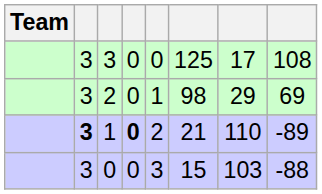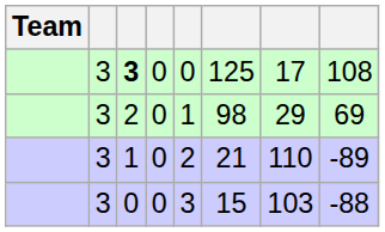 <table class="wikitable" style="text-align: center;">
 <tr>
 <th>Team</th>
 <th></th>
 <th></th>
 <th></th>
 <th></th>
 <th></th>
 <th></th>
 <th></th>
 </tr>
 <tr bgcolor="ccffcc">
 <td align="left"></td>
 <td>3</td>
-<td>3</td>
+<td><strong>3</strong></td>
 <td>0</td>
 <td>0</td>
 <td>125</td>
 <td>17</td>
 <td>108</td>
 </tr>
 <tr bgcolor="ccffcc">
 <td align="left"></td>
 <td>3</td>
 <td>2</td>
 <td>0</td>
 <td>1</td>
 <td>98</td>
 <td>29</td>
 <td>69</td>
 </tr>
 <tr bgcolor="ccccff">
 <td align="left"></td>
-<td><strong>3</strong></td>
+<td>3</td>
 <td>1</td>
-<td><strong>0</strong></td>
+<td>0</td>
 <td>2</td>
 <td>21</td>
 <td>110</td>
 <td>-89</td>
 </tr>
 <tr bgcolor="ccccff">
 <td align="left"></td>
 <td>3</td>
 <td>0</td>
 <td>0</td>
 <td>3</td>
 <td>15</td>
 <td>103</td>
 <td>-88</td>
 </tr>
 </table>
